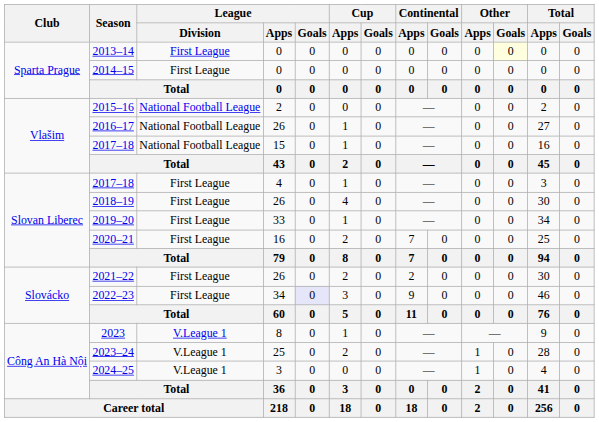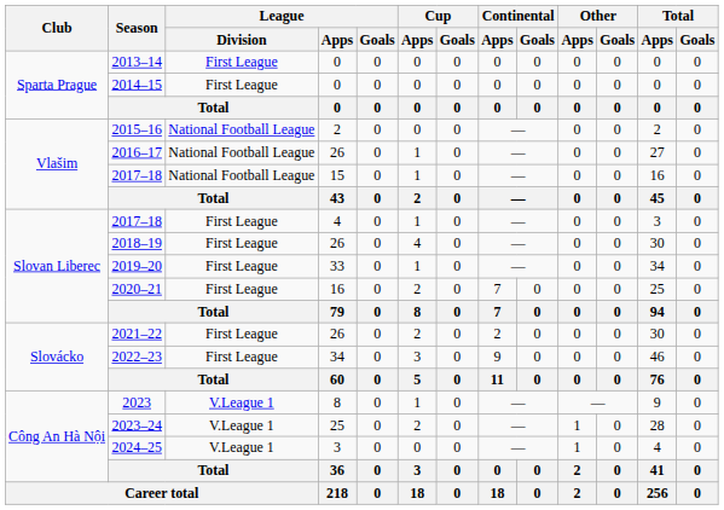 <table class="wikitable" style="text-align:center">
 <tr>
 <th rowspan="2">Club</th>
 <th rowspan="2">Season</th>
 <th colspan="3">League</th>
 <th colspan="2">Cup</th>
 <th colspan="2">Continental</th>
 <th colspan="2">Other</th>
 <th colspan="2">Total</th>
 </tr>
 <tr>
 <th>Division</th>
 <th>Apps</th>
 <th>Goals</th>
 <th>Apps</th>
 <th>Goals</th>
 <th>Apps</th>
 <th>Goals</th>
 <th>Apps</th>
 <th>Goals</th>
 <th>Apps</th>
 <th>Goals</th>
 </tr>
 <tr>
 <td rowspan="3"><a href='#'>Sparta Prague</a></td>
 <td><a href='#'>2013–14</a></td>
 <td><a href='#'>First League</a></td>
 <td>0</td>
 <td>0</td>
 <td>0</td>
 <td>0</td>
 <td>0</td>
 <td>0</td>
 <td>0</td>
-<td style="background: lightyellow;">0</td>
+<td>0</td>
 <td>0</td>
 <td>0</td>
 </tr>
 <tr>
 <td><a href='#'>2014–15</a></td>
 <td>First League</td>
 <td>0</td>
 <td>0</td>
 <td>0</td>
 <td>0</td>
 <td>0</td>
 <td>0</td>
 <td>0</td>
 <td>0</td>
 <td>0</td>
 <td>0</td>
 </tr>
 <tr>
 <th colspan="2">Total</th>
 <th>0</th>
 <th>0</th>
 <th>0</th>
 <th>0</th>
 <th>0</th>
 <th>0</th>
 <th>0</th>
 <th>0</th>
 <th>0</th>
 <th>0</th>
 </tr>
 <tr>
 <td rowspan="4"><a href='#'>Vlašim</a></td>
 <td><a href='#'>2015–16</a></td>
 <td><a href='#'>National Football League</a></td>
 <td>2</td>
 <td>0</td>
 <td>0</td>
 <td>0</td>
 <td colspan="2">—</td>
 <td>0</td>
 <td>0</td>
 <td>2</td>
 <td>0</td>
 </tr>
 <tr>
 <td><a href='#'>2016–17</a></td>
 <td>National Football League</td>
 <td>26</td>
 <td>0</td>
 <td>1</td>
 <td>0</td>
 <td colspan="2">—</td>
 <td>0</td>
 <td>0</td>
 <td>27</td>
 <td>0</td>
 </tr>
 <tr>
 <td><a href='#'>2017–18</a></td>
 <td>National Football League</td>
 <td>15</td>
 <td>0</td>
 <td>1</td>
 <td>0</td>
 <td colspan="2">—</td>
 <td>0</td>
 <td>0</td>
 <td>16</td>
 <td>0</td>
 </tr>
 <tr>
 <th colspan="2">Total</th>
 <th>43</th>
 <th>0</th>
 <th>2</th>
 <th>0</th>
 <th colspan="2">—</th>
 <th>0</th>
 <th>0</th>
 <th>45</th>
 <th>0</th>
 </tr>
 <tr>
 <td rowspan="5"><a href='#'>Slovan Liberec</a></td>
 <td><a href='#'>2017–18</a></td>
 <td>First League</td>
 <td>4</td>
 <td>0</td>
 <td>1</td>
 <td>0</td>
 <td colspan="2">—</td>
 <td>0</td>
 <td>0</td>
 <td>3</td>
 <td>0</td>
 </tr>
 <tr>
 <td><a href='#'>2018–19</a></td>
 <td>First League</td>
 <td>26</td>
 <td>0</td>
 <td>4</td>
 <td>0</td>
 <td colspan="2">—</td>
 <td>0</td>
 <td>0</td>
 <td>30</td>
 <td>0</td>
 </tr>
 <tr>
 <td><a href='#'>2019–20</a></td>
 <td>First League</td>
 <td>33</td>
 <td>0</td>
 <td>1</td>
 <td>0</td>
 <td colspan="2">—</td>
 <td>0</td>
 <td>0</td>
 <td>34</td>
 <td>0</td>
 </tr>
 <tr>
 <td><a href='#'>2020–21</a></td>
 <td>First League</td>
 <td>16</td>
 <td>0</td>
 <td>2</td>
 <td>0</td>
 <td>7</td>
 <td>0</td>
 <td>0</td>
 <td>0</td>
 <td>25</td>
 <td>0</td>
 </tr>
 <tr>
 <th colspan="2">Total</th>
 <th>79</th>
 <th>0</th>
 <th>8</th>
 <th>0</th>
 <th>7</th>
 <th>0</th>
 <th>0</th>
 <th>0</th>
 <th>94</th>
 <th>0</th>
 </tr>
 <tr>
 <td rowspan="3"><a href='#'>Slovácko</a></td>
 <td><a href='#'>2021–22</a></td>
 <td>First League</td>
 <td>26</td>
 <td>0</td>
 <td>2</td>
 <td>0</td>
 <td>2</td>
 <td>0</td>
 <td>0</td>
 <td>0</td>
 <td>30</td>
 <td>0</td>
 </tr>
 <tr>
 <td><a href='#'>2022–23</a></td>
 <td>First League</td>
 <td>34</td>
-<td style="background: lavender;">0</td>
+<td>0</td>
 <td>3</td>
 <td>0</td>
 <td>9</td>
 <td>0</td>
 <td>0</td>
 <td>0</td>
 <td>46</td>
 <td>0</td>
 </tr>
 <tr>
 <th colspan="2">Total</th>
 <th>60</th>
 <th>0</th>
 <th>5</th>
 <th>0</th>
 <th>11</th>
 <th>0</th>
 <th>0</th>
 <th>0</th>
 <th>76</th>
 <th>0</th>
 </tr>
 <tr>
 <td rowspan=4><a href='#'>Công An Hà Nội</a></td>
 <td><a href='#'>2023</a></td>
 <td><a href='#'>V.League 1</a></td>
 <td>8</td>
 <td>0</td>
 <td>1</td>
 <td>0</td>
 <td colspan=2>—</td>
 <td colspan=2>—</td>
 <td>9</td>
 <td>0</td>
 </tr>
 <tr>
 <td><a href='#'>2023–24</a></td>
 <td>V.League 1</td>
 <td>25</td>
 <td>0</td>
 <td>2</td>
 <td>0</td>
 <td colspan=2>—</td>
 <td>1</td>
 <td>0</td>
 <td>28</td>
 <td>0</td>
 </tr>
 <tr>
 <td><a href='#'>2024–25</a></td>
 <td>V.League 1</td>
 <td>3</td>
 <td>0</td>
 <td>0</td>
 <td>0</td>
 <td colspan=2>—</td>
 <td>1</td>
 <td>0</td>
 <td>4</td>
 <td>0</td>
 </tr>
 <tr>
 <th colspan=2>Total</th>
 <th>36</th>
 <th>0</th>
 <th>3</th>
 <th>0</th>
 <th>0</th>
 <th>0</th>
 <th>2</th>
 <th>0</th>
 <th>41</th>
 <th>0</th>
 </tr>
 <tr>
 <th colspan="3">Career total</th>
 <th>218</th>
 <th>0</th>
 <th>18</th>
 <th>0</th>
 <th>18</th>
 <th>0</th>
 <th>2</th>
 <th>0</th>
 <th>256</th>
 <th>0</th>
 </tr>
 </table>
